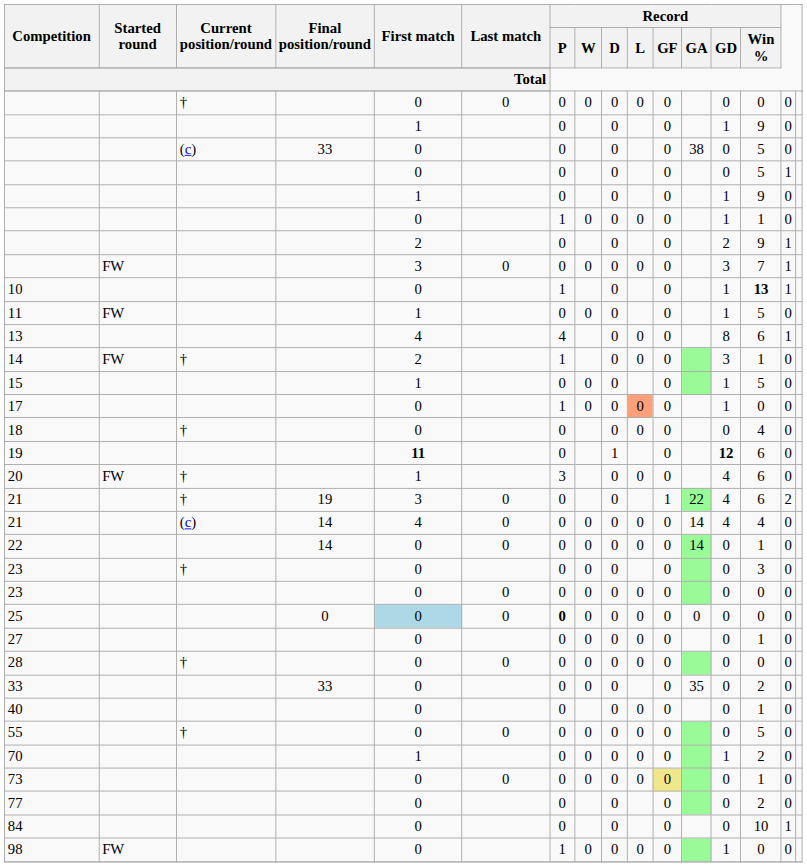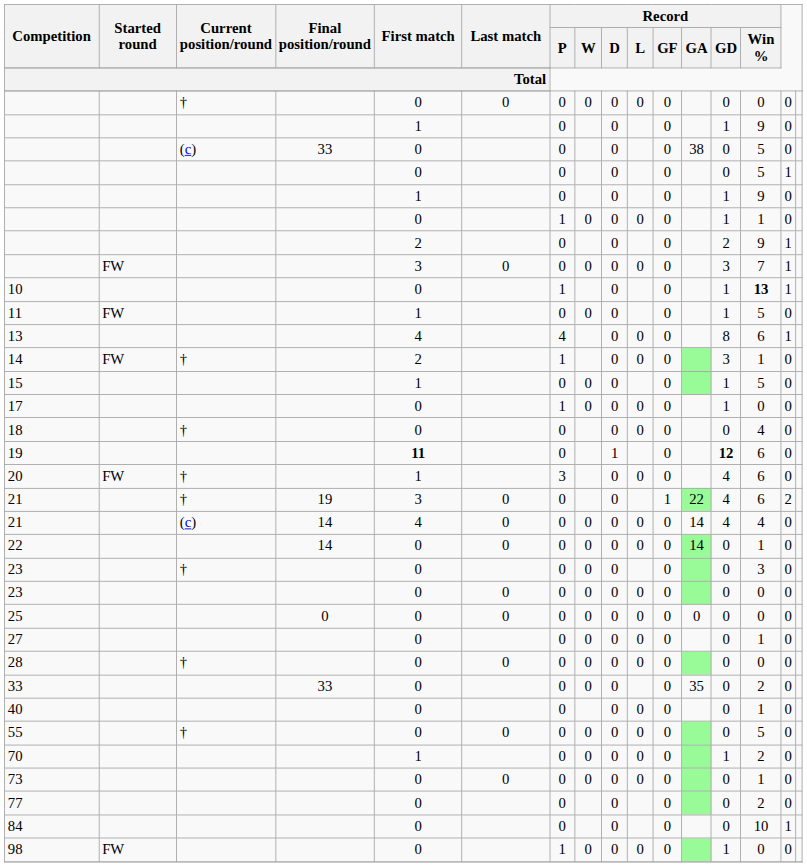 <table class="wikitable" style="text-align: center">
 <tr>
 <th rowspan="2" width="100">Competition</th>
 <th rowspan="2" width="90">Started round</th>
 <th rowspan="2" width="90">Current position/round</th>
 <th rowspan="2" width="90">Final position/round</th>
 <th rowspan="2" width="110">First match</th>
 <th rowspan="2" width="110">Last match</th>
 <th colspan="8">Record</th>
 </tr>
 <tr>
 <th width="25">P</th>
 <th width="25">W</th>
 <th width="25">D</th>
 <th width="25">L</th>
 <th width="25">GF</th>
 <th width="25">GA</th>
 <th width="25">GD</th>
 <th width="40">Win %</th>
 </tr>
 <tr>
 </tr>
 <tr>
 </tr>
 <tr>
 </tr>
 <tr>
 </tr>
 <tr>
 <th colspan="6" style="text-align: right;">Total<br></th>
 </tr>
 <tr>
 </tr>
 <tr>
 <td align="left"></td>
 <td align="left"></td>
 <td align="left">  †</td>
 <td></td>
 <td>0</td>
 <td>0</td>
 <td>0</td>
 <td>0</td>
 <td>0</td>
 <td>0</td>
 <td>0</td>
 <td></td>
 <td>0</td>
 <td>0</td>
 <td>0</td>
 <td></td>
 </tr>
 <tr>
 <td align="left"></td>
 <td align="left"></td>
 <td align="left"> </td>
 <td></td>
 <td>1</td>
 <td></td>
 <td>0</td>
 <td></td>
 <td>0</td>
 <td></td>
 <td>0</td>
 <td></td>
 <td>1</td>
 <td>9</td>
 <td>0</td>
 <td></td>
 </tr>
 <tr>
 <td align="left"></td>
 <td align="left"></td>
 <td align="left">  (<a href='#'>c</a>)</td>
 <td>33</td>
 <td>0</td>
 <td></td>
 <td>0</td>
 <td></td>
 <td>0</td>
 <td></td>
 <td>0</td>
 <td>38</td>
 <td>0</td>
 <td>5</td>
 <td>0</td>
 <td></td>
 </tr>
 <tr>
 <td align="left"></td>
 <td align="left"></td>
 <td align="left"> </td>
 <td></td>
 <td>0</td>
 <td></td>
 <td>0</td>
 <td></td>
 <td>0</td>
 <td></td>
 <td>0</td>
 <td></td>
 <td>0</td>
 <td>5</td>
 <td>1</td>
 <td></td>
 </tr>
 <tr>
 <td align="left"></td>
 <td align="left"></td>
 <td align="left"> </td>
 <td></td>
 <td>1</td>
 <td></td>
 <td>0</td>
 <td></td>
 <td>0</td>
 <td></td>
 <td>0</td>
 <td></td>
 <td>1</td>
 <td>9</td>
 <td>0</td>
 <td></td>
 </tr>
 <tr>
 <td align="left"></td>
 <td align="left"></td>
 <td align="left"> </td>
 <td></td>
 <td>0</td>
 <td></td>
 <td>1</td>
 <td>0</td>
 <td>0</td>
 <td>0</td>
 <td>0</td>
 <td></td>
 <td>1</td>
 <td>1</td>
 <td>0</td>
 <td></td>
 </tr>
 <tr>
 <td align="left"></td>
 <td align="left"></td>
 <td align="left"> </td>
 <td></td>
 <td>2</td>
 <td></td>
 <td>0</td>
 <td></td>
 <td>0</td>
 <td></td>
 <td>0</td>
 <td></td>
 <td>2</td>
 <td>9</td>
 <td>1</td>
 <td></td>
 </tr>
 <tr>
 <td align="left"></td>
 <td align="left">FW</td>
 <td align="left"> </td>
 <td></td>
 <td>3</td>
 <td>0</td>
 <td>0</td>
 <td>0</td>
 <td>0</td>
 <td>0</td>
 <td>0</td>
 <td></td>
 <td>3</td>
 <td>7</td>
 <td>1</td>
 <td></td>
 </tr>
 <tr>
 <td align="left">10</td>
 <td align="left"></td>
 <td align="left"> </td>
 <td></td>
 <td>0</td>
 <td></td>
 <td>1</td>
 <td></td>
 <td>0</td>
 <td></td>
 <td>0</td>
 <td></td>
 <td>1</td>
 <td><strong>13</strong></td>
 <td>1</td>
 <td></td>
 </tr>
 <tr>
 <td align="left">11</td>
 <td align="left">FW</td>
 <td align="left"> </td>
 <td></td>
 <td>1</td>
 <td></td>
 <td>0</td>
 <td>0</td>
 <td>0</td>
 <td></td>
 <td>0</td>
 <td></td>
 <td>1</td>
 <td>5</td>
 <td>0</td>
 <td></td>
 </tr>
 <tr>
 <td align="left">13</td>
 <td align="left"></td>
 <td align="left"> </td>
 <td></td>
 <td>4</td>
 <td></td>
 <td>4</td>
 <td></td>
 <td>0</td>
 <td>0</td>
 <td>0</td>
 <td></td>
 <td>8</td>
 <td>6</td>
 <td>1</td>
 <td></td>
 </tr>
 <tr>
 <td align="left">14</td>
 <td align="left">FW</td>
 <td align="left">  †</td>
 <td></td>
 <td>2</td>
 <td></td>
 <td>1</td>
 <td></td>
 <td>0</td>
 <td>0</td>
 <td>0</td>
 <td style="background:#98FB98"></td>
 <td>3</td>
 <td>1</td>
 <td>0</td>
 <td></td>
 </tr>
 <tr>
 <td align="left">15</td>
 <td align="left"></td>
 <td align="left"> </td>
 <td></td>
 <td>1</td>
 <td></td>
 <td>0</td>
 <td>0</td>
 <td>0</td>
 <td></td>
 <td>0</td>
 <td style="background:#98FB98"></td>
 <td>1</td>
 <td>5</td>
 <td>0</td>
 <td></td>
 </tr>
 <tr>
 <td align="left">17</td>
 <td align="left"></td>
 <td align="left"> </td>
 <td></td>
 <td>0</td>
 <td></td>
 <td>1</td>
 <td>0</td>
 <td>0</td>
-<td style="background: lightsalmon;">0</td>
+<td>0</td>
 <td>0</td>
 <td></td>
 <td>1</td>
 <td>0</td>
 <td>0</td>
 <td></td>
 </tr>
 <tr>
 <td align="left">18</td>
 <td align="left"></td>
 <td align="left">  †</td>
 <td></td>
 <td>0</td>
 <td></td>
 <td>0</td>
 <td></td>
 <td>0</td>
 <td>0</td>
 <td>0</td>
 <td></td>
 <td>0</td>
 <td>4</td>
 <td>0</td>
 <td></td>
 </tr>
 <tr>
 <td align="left">19</td>
 <td align="left"></td>
 <td align="left"> </td>
 <td><strong></strong></td>
 <td><strong>11</strong></td>
 <td></td>
 <td>0</td>
 <td></td>
 <td>1</td>
 <td></td>
 <td>0</td>
 <td><strong></strong></td>
 <td><strong>12</strong></td>
 <td>6</td>
 <td>0</td>
 <td></td>
 </tr>
 <tr>
 <td align="left">20</td>
 <td align="left">FW</td>
 <td align="left">  †</td>
 <td></td>
 <td>1</td>
 <td></td>
 <td>3</td>
 <td></td>
 <td>0</td>
 <td>0</td>
 <td>0</td>
 <td></td>
 <td>4</td>
 <td>6</td>
 <td>0</td>
 <td></td>
 </tr>
 <tr>
 <td align="left">21</td>
 <td align="left"></td>
 <td align="left">  †</td>
 <td>19</td>
 <td>3</td>
 <td>0</td>
 <td>0</td>
 <td></td>
 <td>0</td>
 <td></td>
 <td>1</td>
 <td style="background:#98FB98">22</td>
 <td>4</td>
 <td>6</td>
 <td>2</td>
 <td></td>
 </tr>
 <tr>
 <td align="left">21</td>
 <td align="left"></td>
 <td align="left">  (<a href='#'>c</a>)</td>
 <td>14</td>
 <td>4</td>
 <td>0</td>
 <td>0</td>
 <td>0</td>
 <td>0</td>
 <td>0</td>
 <td>0</td>
 <td>14</td>
 <td>4</td>
 <td>4</td>
 <td>0</td>
 <td></td>
 </tr>
 <tr>
 <td align="left">22</td>
 <td align="left"></td>
 <td align="left"> </td>
 <td>14</td>
 <td>0</td>
 <td>0</td>
 <td>0</td>
 <td>0</td>
 <td>0</td>
 <td>0</td>
 <td>0</td>
 <td style="background:#98FB98">14</td>
 <td>0</td>
 <td>1</td>
 <td>0</td>
 <td></td>
 </tr>
 <tr>
 <td align="left">23</td>
 <td align="left"></td>
 <td align="left">  †</td>
 <td></td>
 <td>0</td>
 <td></td>
 <td>0</td>
 <td>0</td>
 <td>0</td>
 <td></td>
 <td>0</td>
 <td style="background:#98FB98"></td>
 <td>0</td>
 <td>3</td>
 <td>0</td>
 <td></td>
 </tr>
 <tr>
 <td align="left">23</td>
 <td align="left"></td>
 <td align="left"> </td>
 <td></td>
 <td>0</td>
 <td>0</td>
 <td>0</td>
 <td>0</td>
 <td>0</td>
 <td>0</td>
 <td>0</td>
 <td style="background:#98FB98"></td>
 <td>0</td>
 <td>0</td>
 <td>0</td>
 <td></td>
 </tr>
 <tr>
 <td align="left">25</td>
 <td align="left"></td>
 <td align="left"> </td>
 <td>0</td>
-<td style="background: lightblue;">0</td>
 <td>0</td>
-<td><strong>0</strong></td>
+<td>0</td>
+<td>0</td>
 <td>0</td>
 <td>0</td>
 <td>0</td>
 <td>0</td>
 <td>0</td>
 <td>0</td>
 <td>0</td>
 <td>0</td>
 <td></td>
 </tr>
 <tr>
 <td align="left">27</td>
 <td align="left"></td>
 <td align="left"> </td>
 <td></td>
 <td>0</td>
 <td></td>
 <td>0</td>
 <td>0</td>
 <td>0</td>
 <td>0</td>
 <td>0</td>
 <td></td>
 <td>0</td>
 <td>1</td>
 <td>0</td>
 <td></td>
 </tr>
 <tr>
 <td align="left">28</td>
 <td align="left"></td>
 <td align="left">  †</td>
 <td></td>
 <td>0</td>
 <td>0</td>
 <td>0</td>
 <td>0</td>
 <td>0</td>
 <td>0</td>
 <td>0</td>
 <td style="background:#98FB98"></td>
 <td>0</td>
 <td>0</td>
 <td>0</td>
 <td></td>
 </tr>
 <tr>
 <td align="left">33</td>
 <td align="left"></td>
 <td align="left"> </td>
 <td>33</td>
 <td>0</td>
 <td></td>
 <td>0</td>
 <td>0</td>
 <td>0</td>
 <td></td>
 <td>0</td>
 <td>35</td>
 <td>0</td>
 <td>2</td>
 <td>0</td>
 <td></td>
 </tr>
 <tr>
 <td align="left">40</td>
 <td align="left"></td>
 <td align="left"> </td>
 <td></td>
 <td>0</td>
 <td></td>
 <td>0</td>
 <td></td>
 <td>0</td>
 <td>0</td>
 <td>0</td>
 <td></td>
 <td>0</td>
 <td>1</td>
 <td>0</td>
 <td></td>
 </tr>
 <tr>
 <td align="left">55</td>
 <td align="left"></td>
 <td align="left">  †</td>
 <td></td>
 <td>0</td>
 <td>0</td>
 <td>0</td>
 <td>0</td>
 <td>0</td>
 <td>0</td>
 <td>0</td>
 <td style="background:#98FB98"></td>
 <td>0</td>
 <td>5</td>
 <td>0</td>
 <td></td>
 </tr>
 <tr>
 <td align="left">70</td>
 <td align="left"></td>
 <td align="left"> </td>
 <td></td>
 <td>1</td>
 <td></td>
 <td>0</td>
 <td>0</td>
 <td>0</td>
 <td>0</td>
 <td>0</td>
 <td style="background:#98FB98"></td>
 <td>1</td>
 <td>2</td>
 <td>0</td>
 <td></td>
 </tr>
 <tr>
 <td align="left">73</td>
 <td align="left"></td>
 <td align="left"> </td>
 <td></td>
 <td>0</td>
 <td>0</td>
 <td>0</td>
 <td>0</td>
 <td>0</td>
 <td>0</td>
-<td style="background: khaki;">0</td>
+<td>0</td>
 <td style="background:#98FB98"></td>
 <td>0</td>
 <td>1</td>
 <td>0</td>
 <td></td>
 </tr>
 <tr>
 <td align="left">77</td>
 <td align="left"></td>
 <td align="left"> </td>
 <td></td>
 <td>0</td>
 <td></td>
 <td>0</td>
 <td></td>
 <td>0</td>
 <td></td>
 <td>0</td>
 <td style="background:#98FB98"></td>
 <td>0</td>
 <td>2</td>
 <td>0</td>
 <td></td>
 </tr>
 <tr>
 <td align="left">84</td>
 <td align="left"></td>
 <td align="left"> </td>
 <td></td>
 <td>0</td>
 <td></td>
 <td>0</td>
 <td></td>
 <td>0</td>
 <td></td>
 <td>0</td>
 <td></td>
 <td>0</td>
 <td>10</td>
 <td>1</td>
 <td></td>
 </tr>
 <tr>
 <td align="left">98</td>
 <td align="left">FW</td>
 <td align="left"> </td>
 <td></td>
 <td>0</td>
 <td></td>
 <td>1</td>
 <td>0</td>
 <td>0</td>
 <td>0</td>
 <td>0</td>
 <td style="background:#98FB98"></td>
 <td>1</td>
 <td>0</td>
 <td>0</td>
 <td></td>
 </tr>
 <tr>
 </tr>
 </table>
